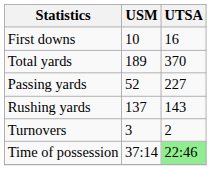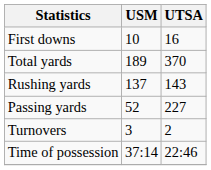 <table class="wikitable">
 <tr>
 <th>Statistics</th>
 <th>USM</th>
 <th>UTSA</th>
 </tr>
 <tr>
 <td>First downs</td>
 <td>10</td>
 <td>16</td>
 </tr>
 <tr>
 <td>Total yards</td>
 <td>189</td>
 <td>370</td>
 </tr>
 <tr>
+<td>Rushing yards</td>
+<td>137</td>
+<td>143</td>
+</tr>
+<tr>
 <td>Passing yards</td>
 <td>52</td>
 <td>227</td>
-</tr>
-<tr>
-<td>Rushing yards</td>
-<td>137</td>
-<td>143</td>
 </tr>
 <tr>
 <td>Turnovers</td>
 <td>3</td>
 <td>2</td>
 </tr>
 <tr>
 <td>Time of possession</td>
 <td>37:14</td>
-<td style="background: lightgreen;">22:46</td>
+<td>22:46</td>
 </tr>
 <tr>
 </tr>
 </table>
